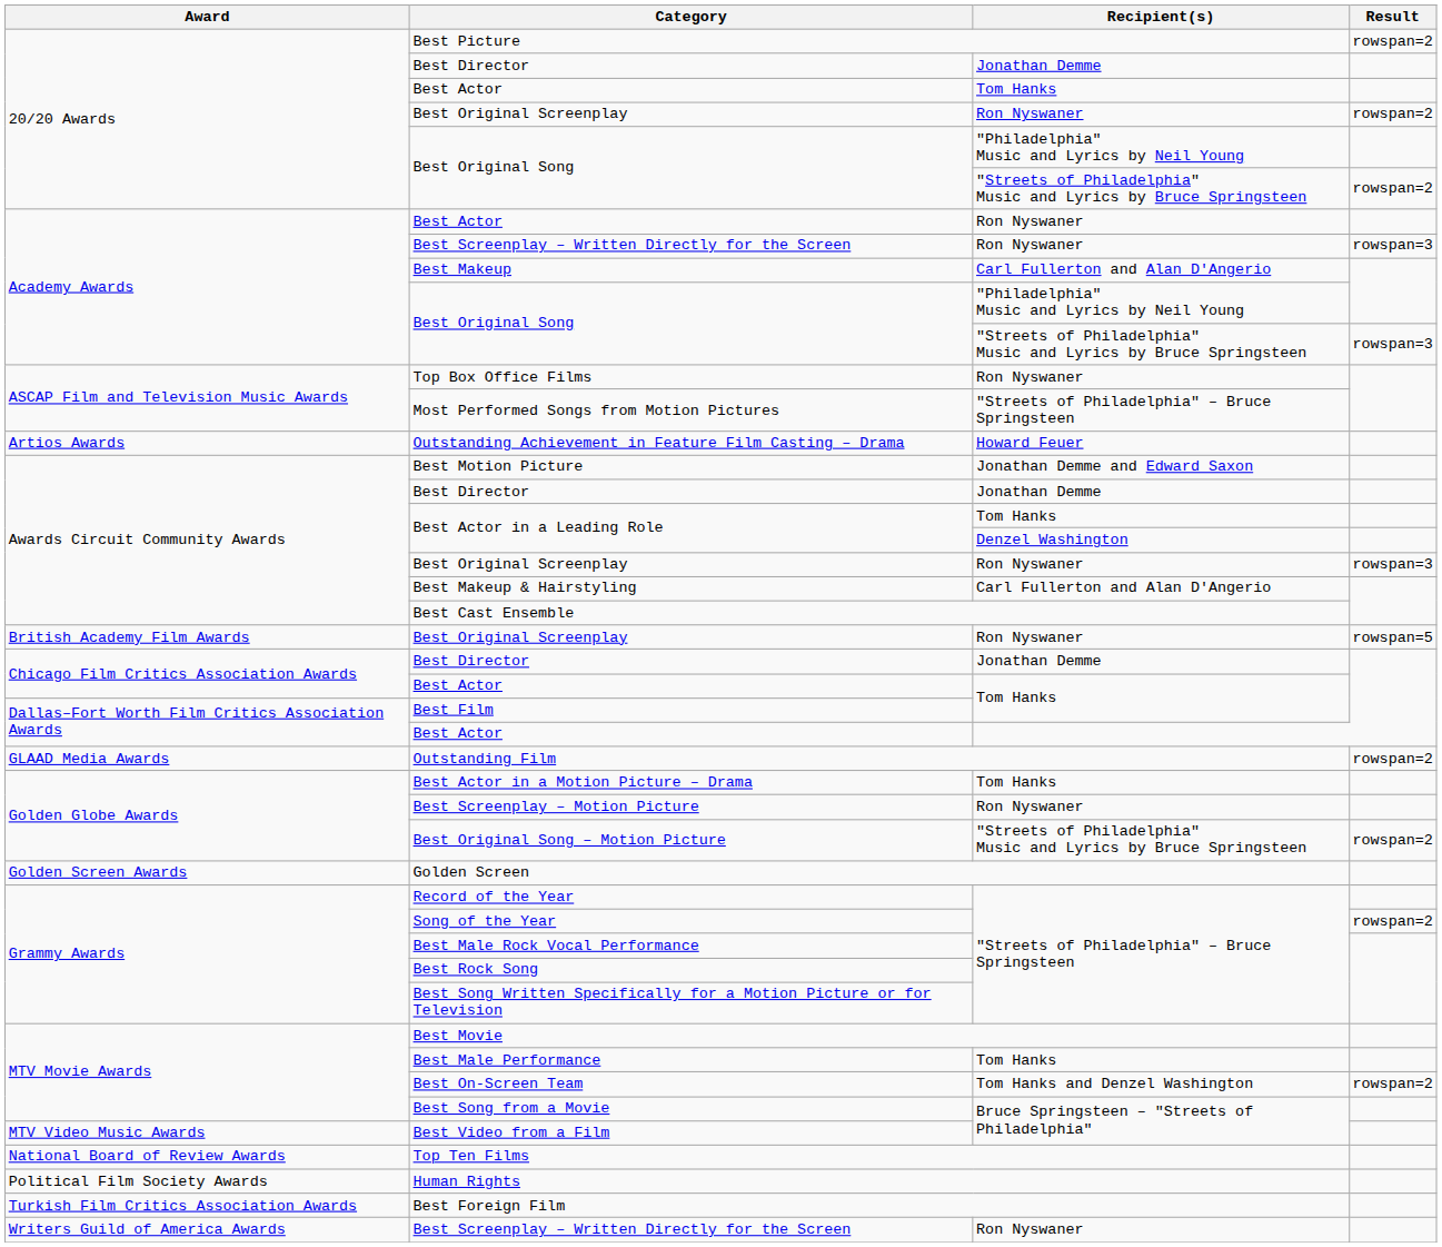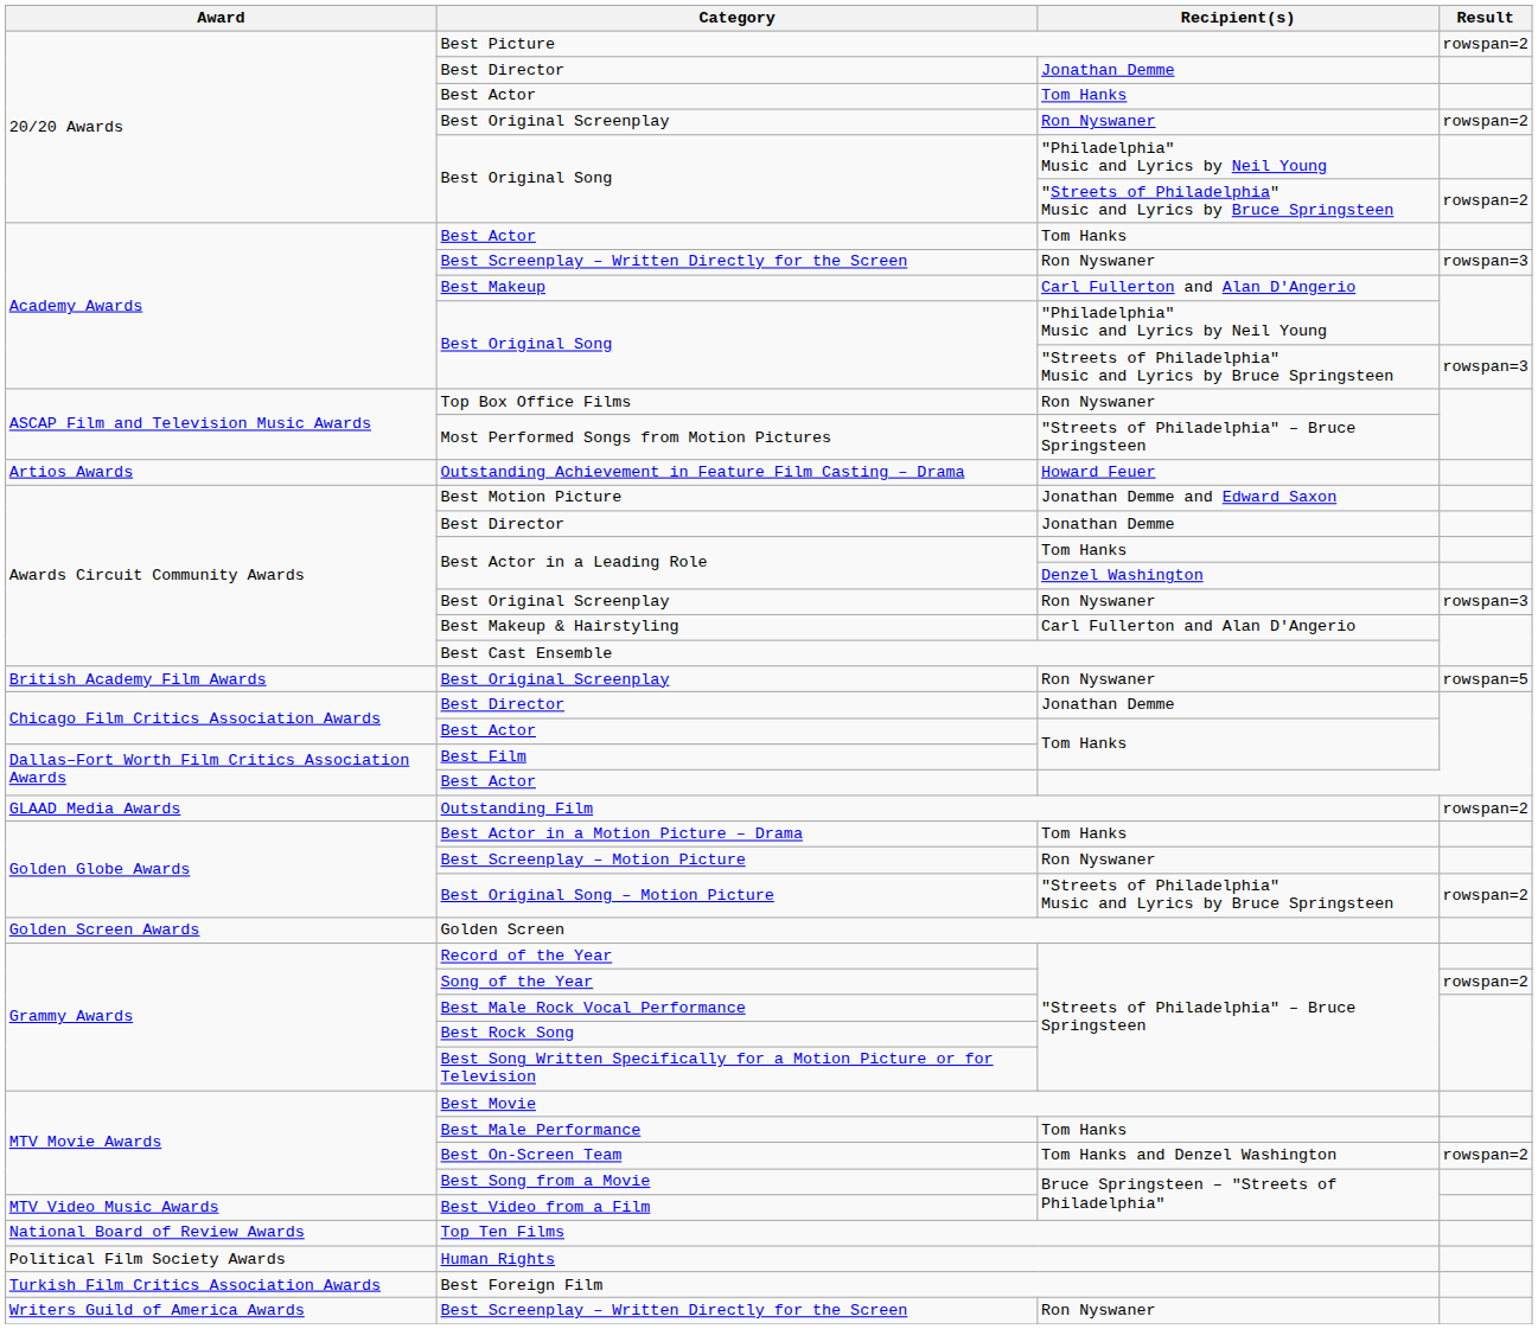 <table class="wikitable plainrowheaders">
 <tr>
 <th scope="col">Award</th>
 <th scope="col">Category</th>
 <th scope="col">Recipient(s)</th>
 <th scope="col">Result</th>
 </tr>
 <tr>
 <td rowspan=6>20/20 Awards</td>
 <td colspan=2>Best Picture</td>
 <td>rowspan=2 </td>
 </tr>
 <tr>
 <td>Best Director</td>
 <td><a href='#'>Jonathan Demme</a></td>
 </tr>
 <tr>
 <td>Best Actor</td>
 <td><a href='#'>Tom Hanks</a></td>
 <td></td>
 </tr>
 <tr>
 <td>Best Original Screenplay</td>
 <td><a href='#'>Ron Nyswaner</a></td>
 <td>rowspan=2 </td>
 </tr>
 <tr>
 <td rowspan=2>Best Original Song</td>
 <td>"Philadelphia" <br> Music and Lyrics by <a href='#'>Neil Young</a></td>
 </tr>
 <tr>
 <td>"<a href='#'>Streets of Philadelphia</a>" <br> Music and Lyrics by <a href='#'>Bruce Springsteen</a></td>
 <td>rowspan=2 </td>
 </tr>
 <tr>
 <td rowspan=5><a href='#'>Academy Awards</a></td>
 <td><a href='#'>Best Actor</a></td>
-<td>Ron Nyswaner</td>
+<td>Tom Hanks</td>
 </tr>
 <tr>
 <td><a href='#'>Best Screenplay – Written Directly for the Screen</a></td>
 <td>Ron Nyswaner</td>
 <td>rowspan=3 </td>
 </tr>
 <tr>
 <td><a href='#'>Best Makeup</a></td>
 <td><a href='#'>Carl Fullerton</a> and <a href='#'>Alan D'Angerio</a></td>
 </tr>
 <tr>
 <td rowspan=2><a href='#'>Best Original Song</a></td>
 <td>"Philadelphia" <br> Music and Lyrics by Neil Young</td>
 </tr>
 <tr>
 <td>"Streets of Philadelphia" <br> Music and Lyrics by Bruce Springsteen</td>
 <td>rowspan=3 </td>
 </tr>
 <tr>
 <td rowspan=2><a href='#'>ASCAP Film and Television Music Awards</a></td>
 <td>Top Box Office Films</td>
 <td>Ron Nyswaner</td>
 </tr>
 <tr>
 <td>Most Performed Songs from Motion Pictures</td>
 <td>"Streets of Philadelphia" – Bruce Springsteen</td>
 </tr>
 <tr>
 <td><a href='#'>Artios Awards</a></td>
 <td><a href='#'>Outstanding Achievement in Feature Film Casting – Drama</a></td>
 <td><a href='#'>Howard Feuer</a></td>
 <td></td>
 </tr>
 <tr>
 <td rowspan=7>Awards Circuit Community Awards</td>
 <td>Best Motion Picture</td>
 <td>Jonathan Demme and <a href='#'>Edward Saxon</a></td>
 <td></td>
 </tr>
 <tr>
 <td>Best Director</td>
 <td>Jonathan Demme</td>
 <td></td>
 </tr>
 <tr>
 <td rowspan=2>Best Actor in a Leading Role</td>
 <td>Tom Hanks</td>
 <td></td>
 </tr>
 <tr>
 <td><a href='#'>Denzel Washington</a></td>
 <td></td>
 </tr>
 <tr>
 <td>Best Original Screenplay</td>
 <td>Ron Nyswaner</td>
 <td>rowspan=3 </td>
 </tr>
 <tr>
 <td>Best Makeup & Hairstyling</td>
 <td>Carl Fullerton and Alan D'Angerio</td>
 </tr>
 <tr>
 <td colspan=2>Best Cast Ensemble</td>
 </tr>
 <tr>
 <td><a href='#'>British Academy Film Awards</a></td>
 <td><a href='#'>Best Original Screenplay</a></td>
 <td>Ron Nyswaner</td>
 <td>rowspan=5 </td>
 </tr>
 <tr>
 <td rowspan=2><a href='#'>Chicago Film Critics Association Awards</a></td>
 <td><a href='#'>Best Director</a></td>
 <td>Jonathan Demme</td>
 </tr>
 <tr>
 <td><a href='#'>Best Actor</a></td>
 <td rowspan=2>Tom Hanks</td>
 </tr>
 <tr>
 <td rowspan=2><a href='#'>Dallas–Fort Worth Film Critics Association Awards</a></td>
 <td colspan=2><a href='#'>Best Film</a></td>
 </tr>
 <tr>
 <td><a href='#'>Best Actor</a></td>
 </tr>
 <tr>
 <td><a href='#'>GLAAD Media Awards</a></td>
 <td colspan=2><a href='#'>Outstanding Film</a></td>
 <td>rowspan=2 </td>
 </tr>
 <tr>
 <td rowspan=3><a href='#'>Golden Globe Awards</a></td>
 <td><a href='#'>Best Actor in a Motion Picture – Drama</a></td>
 <td>Tom Hanks</td>
 </tr>
 <tr>
 <td><a href='#'>Best Screenplay – Motion Picture</a></td>
 <td>Ron Nyswaner</td>
 <td></td>
 </tr>
 <tr>
 <td><a href='#'>Best Original Song – Motion Picture</a></td>
 <td>"Streets of Philadelphia" <br> Music and Lyrics by Bruce Springsteen</td>
 <td>rowspan=2 </td>
 </tr>
 <tr>
 <td><a href='#'>Golden Screen Awards</a></td>
 <td colspan=2>Golden Screen</td>
 </tr>
 <tr>
 <td rowspan=5><a href='#'>Grammy Awards</a></td>
 <td><a href='#'>Record of the Year</a></td>
 <td rowspan=5>"Streets of Philadelphia" – Bruce Springsteen</td>
 <td></td>
 </tr>
 <tr>
 <td><a href='#'>Song of the Year</a></td>
 <td>rowspan=2 </td>
 </tr>
 <tr>
 <td><a href='#'>Best Male Rock Vocal Performance</a></td>
 </tr>
 <tr>
 <td><a href='#'>Best Rock Song</a></td>
 </tr>
 <tr>
 <td><a href='#'>Best Song Written Specifically for a Motion Picture or for Television</a></td>
 </tr>
 <tr>
 <td rowspan=4><a href='#'>MTV Movie Awards</a></td>
 <td colspan=2><a href='#'>Best Movie</a></td>
 <td></td>
 </tr>
 <tr>
 <td><a href='#'>Best Male Performance</a></td>
 <td>Tom Hanks</td>
 <td></td>
 </tr>
 <tr>
 <td><a href='#'>Best On-Screen Team</a></td>
 <td>Tom Hanks and Denzel Washington</td>
 <td>rowspan=2 </td>
 </tr>
 <tr>
 <td><a href='#'>Best Song from a Movie</a></td>
 <td rowspan=2>Bruce Springsteen – "Streets of Philadelphia"</td>
 </tr>
 <tr>
 <td><a href='#'>MTV Video Music Awards</a></td>
 <td><a href='#'>Best Video from a Film</a></td>
 <td></td>
 </tr>
 <tr>
 <td><a href='#'>National Board of Review Awards</a></td>
 <td colspan=2><a href='#'>Top Ten Films</a></td>
 <td></td>
 </tr>
 <tr>
 <td>Political Film Society Awards</td>
 <td colspan=2><a href='#'>Human Rights</a></td>
 <td></td>
 </tr>
 <tr>
 <td><a href='#'>Turkish Film Critics Association Awards</a></td>
 <td colspan=2>Best Foreign Film</td>
 <td></td>
 </tr>
 <tr>
 <td><a href='#'>Writers Guild of America Awards</a></td>
 <td><a href='#'>Best Screenplay – Written Directly for the Screen</a></td>
 <td>Ron Nyswaner</td>
 <td></td>
 </tr>
 </table>
